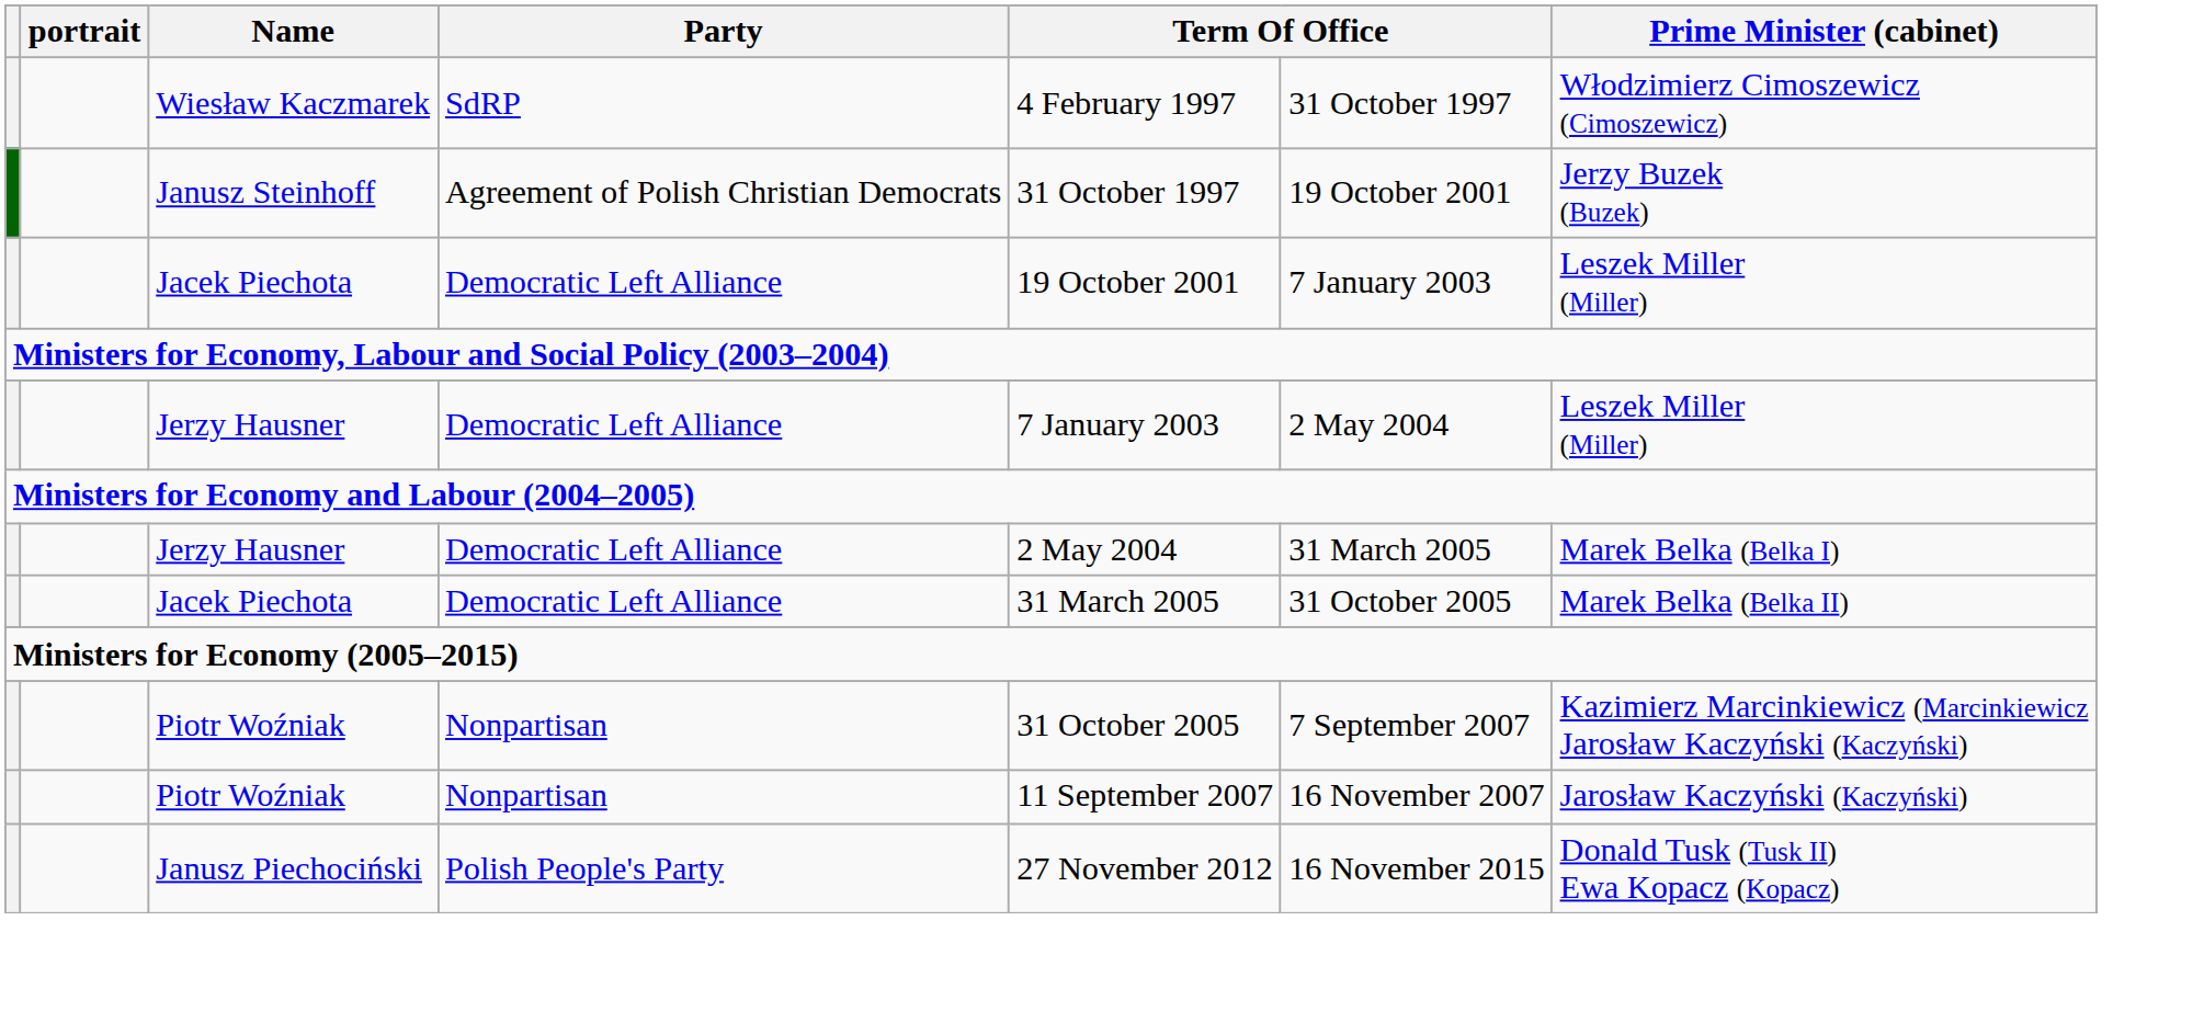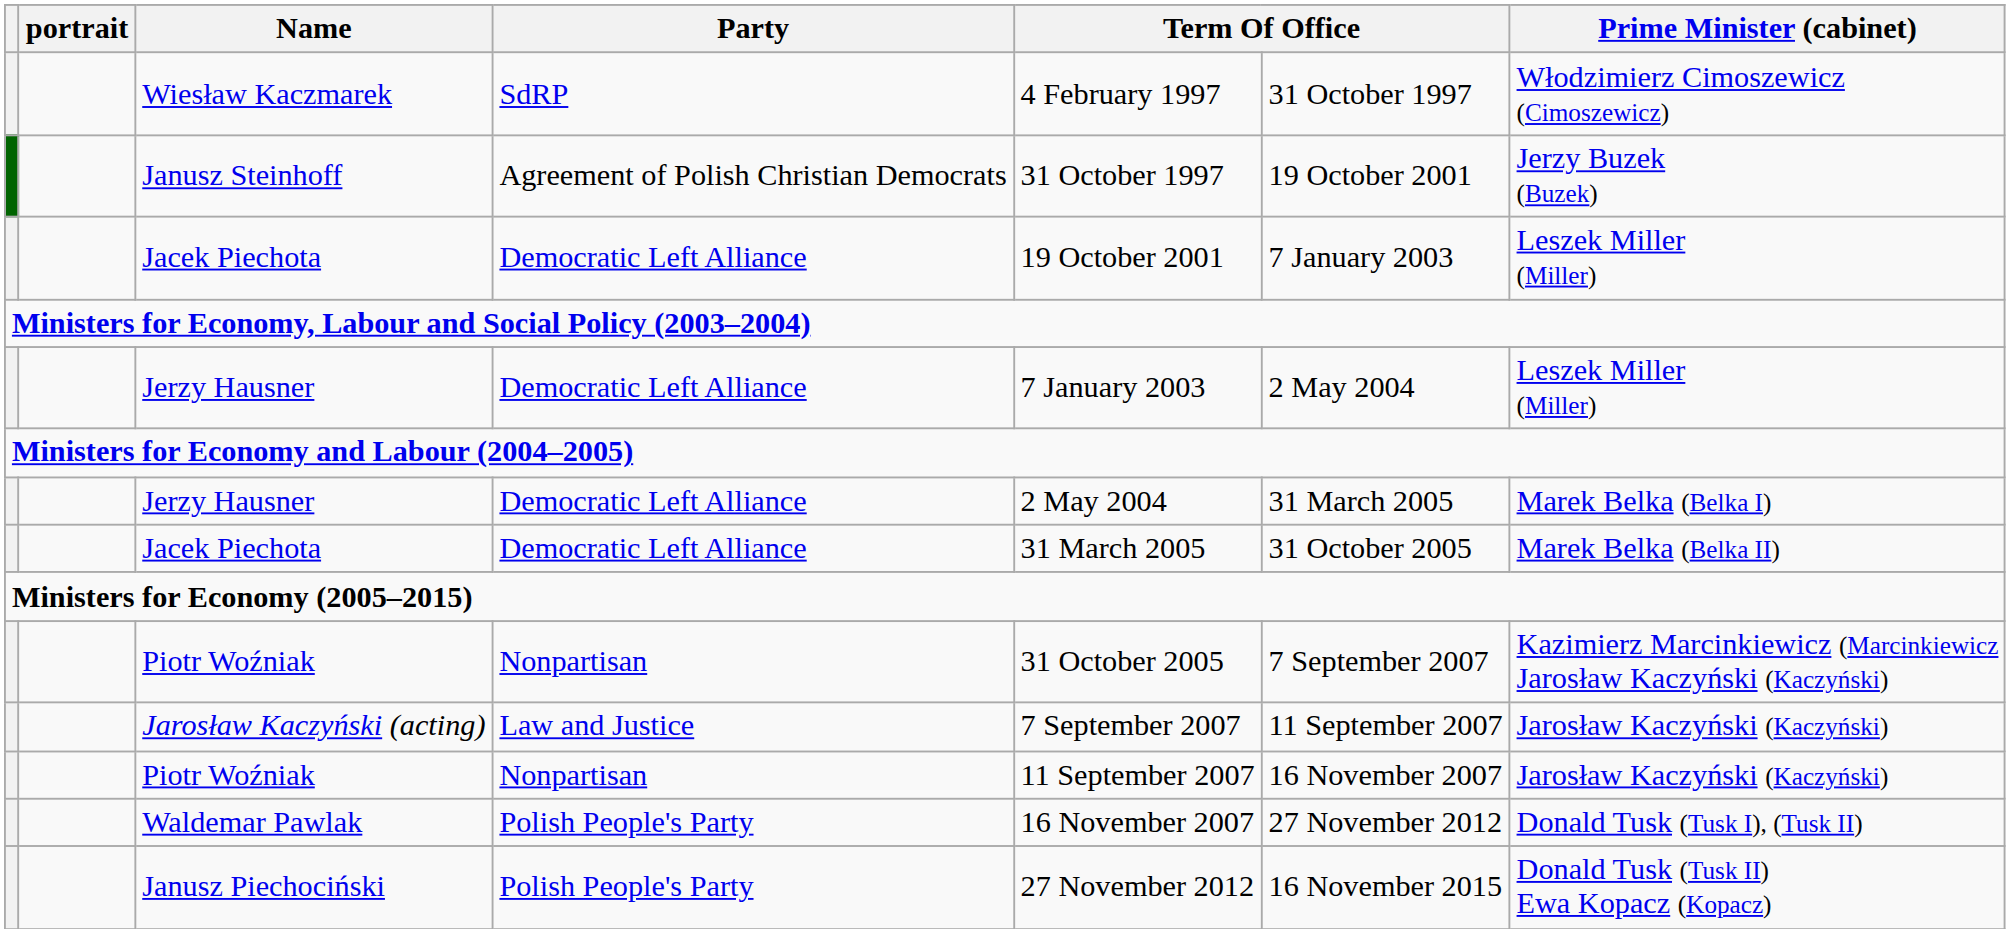 <table class="wikitable">
 <tr>
 <th></th>
 <th>portrait</th>
 <th>Name</th>
 <th>Party</th>
 <th colspan="2">Term Of Office</th>
 <th><a href='#'>Prime Minister</a> (cabinet)</th>
 </tr>
 <tr>
 <th style="background:"></th>
 <td></td>
 <td><a href='#'>Wiesław Kaczmarek</a></td>
 <td><a href='#'>SdRP</a></td>
 <td>4 February 1997</td>
 <td>31 October 1997</td>
 <td><a href='#'>Włodzimierz Cimoszewicz</a><br><small>(<a href='#'>Cimoszewicz</a>)</small></td>
 </tr>
 <tr>
 <th style="background:darkgreen;"></th>
 <td></td>
 <td><a href='#'>Janusz Steinhoff</a></td>
 <td>Agreement of Polish Christian Democrats</td>
 <td>31 October 1997</td>
 <td>19 October 2001</td>
 <td><a href='#'>Jerzy Buzek</a><br><small>(<a href='#'>Buzek</a>)</small></td>
 </tr>
 <tr>
 <th style="background:"></th>
 <td></td>
 <td><a href='#'>Jacek Piechota</a></td>
 <td><a href='#'>Democratic Left Alliance</a></td>
 <td>19 October 2001</td>
 <td>7 January 2003</td>
 <td><a href='#'>Leszek Miller</a><br><small>(<a href='#'>Miller</a>)</small></td>
 </tr>
 <tr>
 <td colspan="7"><strong><a href='#'>Ministers for Economy, Labour and Social Policy (2003–2004)</a></strong></td>
 </tr>
 <tr>
 <th style="background:"></th>
 <td></td>
 <td><a href='#'>Jerzy Hausner</a></td>
 <td><a href='#'>Democratic Left Alliance</a></td>
 <td>7 January 2003</td>
 <td>2 May 2004</td>
 <td><a href='#'>Leszek Miller</a><br><small>(<a href='#'>Miller</a>)</small></td>
 </tr>
 <tr>
 <td colspan="7"><strong><a href='#'>Ministers for Economy and Labour (2004–2005)</a></strong></td>
 </tr>
 <tr>
 <th style="background:"></th>
 <td></td>
 <td><a href='#'>Jerzy Hausner</a></td>
 <td><a href='#'>Democratic Left Alliance</a></td>
 <td>2 May 2004</td>
 <td>31 March 2005</td>
 <td><a href='#'>Marek Belka</a> <small>(<a href='#'>Belka I</a>)</small></td>
 </tr>
 <tr>
 <th style="background:"></th>
 <td></td>
 <td><a href='#'>Jacek Piechota</a></td>
 <td><a href='#'>Democratic Left Alliance</a></td>
 <td>31 March 2005</td>
 <td>31 October 2005</td>
 <td><a href='#'>Marek Belka</a> <small>(<a href='#'>Belka II</a>)</small></td>
 </tr>
 <tr>
 <td colspan="7"><strong>Ministers for Economy (2005–2015)</strong></td>
 </tr>
 <tr>
 <th style="background:"></th>
 <td></td>
 <td><a href='#'>Piotr Woźniak</a></td>
 <td><a href='#'>Nonpartisan</a></td>
 <td>31 October 2005</td>
 <td>7 September 2007</td>
 <td><a href='#'>Kazimierz Marcinkiewicz</a> <small>(<a href='#'>Marcinkiewicz</a></small><br><a href='#'>Jarosław Kaczyński</a> <small>(<a href='#'>Kaczyński</a>)</small></td>
 </tr>
 <tr>
 <th style="background:"></th>
 <td></td>
+<td><em><a href='#'>Jarosław Kaczyński</a> (acting)</em></td>
+<td><a href='#'>Law and Justice</a></td>
+<td>7 September 2007</td>
+<td>11 September 2007</td>
+<td><a href='#'>Jarosław Kaczyński</a> <small>(<a href='#'>Kaczyński</a>)</small></td>
+</tr>
+<tr>
+<th style="background:"></th>
+<td></td>
 <td><a href='#'>Piotr Woźniak</a></td>
 <td><a href='#'>Nonpartisan</a></td>
 <td>11 September 2007</td>
 <td>16 November 2007</td>
 <td><a href='#'>Jarosław Kaczyński</a> <small>(<a href='#'>Kaczyński</a>)</small></td>
+</tr>
+<tr>
+<th style="background:"></th>
+<td></td>
+<td><a href='#'>Waldemar Pawlak</a></td>
+<td><a href='#'>Polish People's Party</a></td>
+<td>16 November 2007</td>
+<td>27 November 2012</td>
+<td><a href='#'>Donald Tusk</a> <small>(<a href='#'>Tusk I</a>), (<a href='#'>Tusk II</a>)</small></td>
 </tr>
 <tr>
 <th style="background:"></th>
 <td></td>
 <td><a href='#'>Janusz Piechociński</a></td>
 <td><a href='#'>Polish People's Party</a></td>
 <td>27 November 2012</td>
 <td>16 November 2015</td>
 <td><a href='#'>Donald Tusk</a> <small>(<a href='#'>Tusk II</a>)</small><br><a href='#'>Ewa Kopacz</a> <small>(<a href='#'>Kopacz</a>)</small></td>
 </tr>
 </table>
